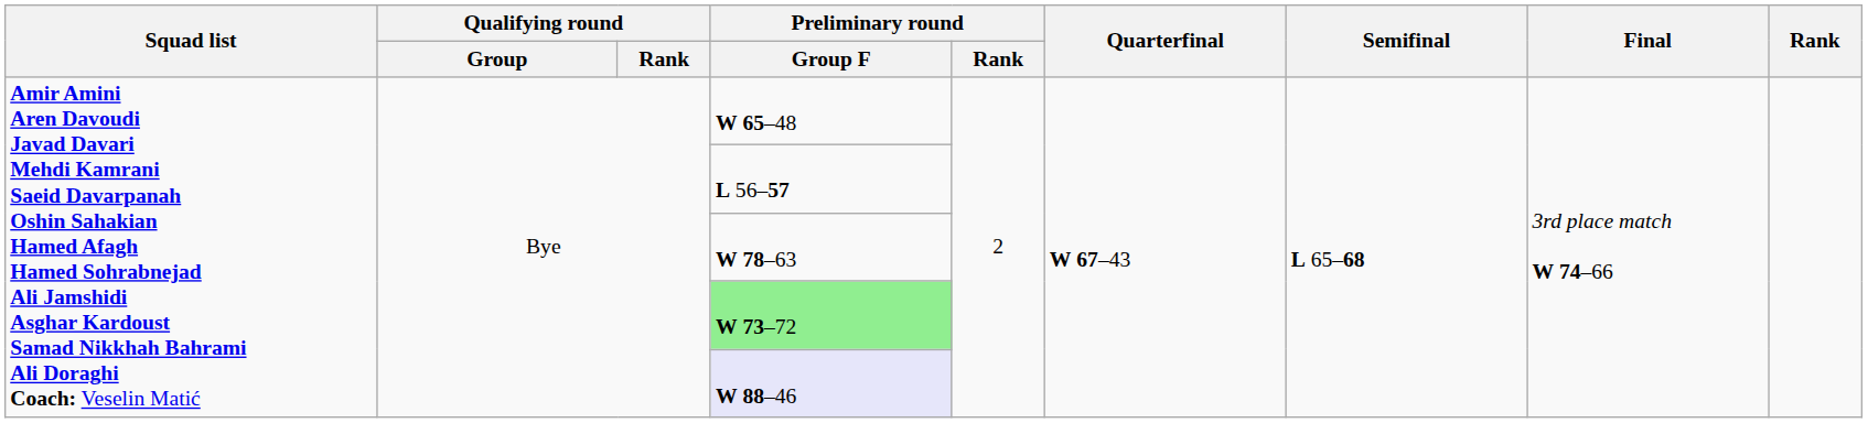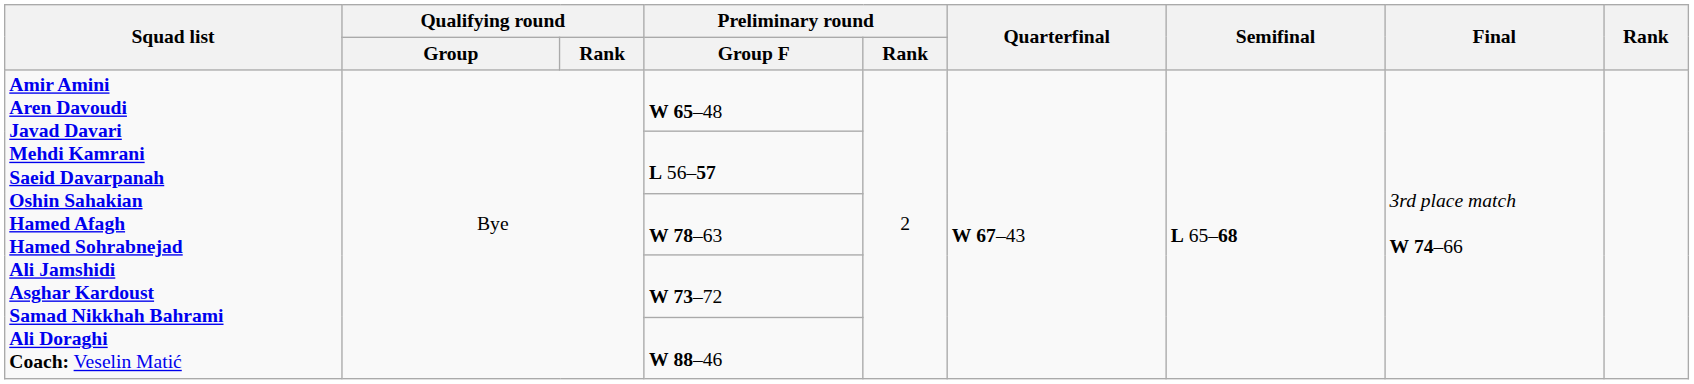 <table class="wikitable" width="98%" style="text-align:left; font-size:90%">
 <tr>
 <th rowspan="2" width="20%">Squad list</th>
 <th colspan="2">Qualifying round</th>
 <th colspan="2">Preliminary round</th>
 <th rowspan="2" width="13%">Quarterfinal</th>
 <th rowspan="2" width="13%">Semifinal</th>
 <th rowspan="2" width="13%">Final</th>
 <th rowspan="2" width="5%">Rank</th>
 </tr>
 <tr>
 <th width="13%">Group</th>
 <th width="5%">Rank</th>
 <th width="13%">Group F</th>
 <th width="5%">Rank</th>
 </tr>
 <tr>
 <td rowspan="5"><strong><a href='#'>Amir Amini</a><br><a href='#'>Aren Davoudi</a><br><a href='#'>Javad Davari</a><br><a href='#'>Mehdi Kamrani</a><br><a href='#'>Saeid Davarpanah</a><br><a href='#'>Oshin Sahakian</a><br><a href='#'>Hamed Afagh</a><br><a href='#'>Hamed Sohrabnejad</a><br><a href='#'>Ali Jamshidi</a><br><a href='#'>Asghar Kardoust</a><br><a href='#'>Samad Nikkhah Bahrami</a><br><a href='#'>Ali Doraghi</a><br>Coach:</strong>  <a href='#'>Veselin Matić</a></td>
 <td rowspan="5" align="center"  colspan="2">Bye</td>
 <td><br><strong>W</strong> <strong>65</strong>–48</td>
 <td rowspan="5" align=center>2 <strong></strong></td>
 <td rowspan="5"><br><strong>W</strong> <strong>67</strong>–43</td>
 <td rowspan="5"><br><strong>L</strong> 65–<strong>68</strong></td>
 <td rowspan="5"><em>3rd place match</em><br><br><strong>W</strong> <strong>74</strong>–66</td>
 <td rowspan="5" align="center"></td>
 </tr>
 <tr>
 <td><br><strong>L</strong> 56–<strong>57</strong></td>
 </tr>
 <tr>
 <td><br><strong>W</strong> <strong>78</strong>–63</td>
 </tr>
 <tr>
-<td style="background: lightgreen;"><br><strong>W</strong> <strong>73</strong>–72</td>
+<td><br><strong>W</strong> <strong>73</strong>–72</td>
 </tr>
 <tr>
-<td style="background: lavender;"><br><strong>W</strong> <strong>88</strong>–46</td>
+<td><br><strong>W</strong> <strong>88</strong>–46</td>
 </tr>
 </table>
